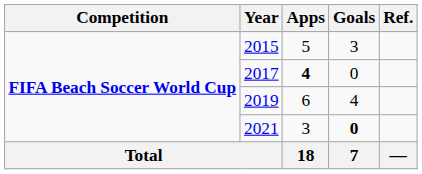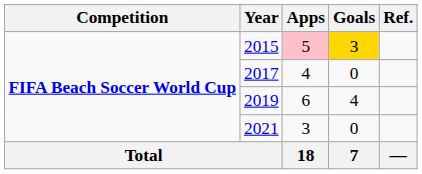 <table class="wikitable" style="text-align:center;">
 <tr>
 <th>Competition</th>
 <th>Year</th>
 <th>Apps</th>
 <th>Goals</th>
 <th>Ref.</th>
 </tr>
 <tr>
 <td rowspan="4"><strong><a href='#'>FIFA Beach Soccer World Cup</a></strong></td>
 <td> <a href='#'>2015</a></td>
-<td>5</td>
-<td>3</td>
+<td style="background: pink;">5</td>
+<td style="background: gold;">3</td>
 <td></td>
 </tr>
 <tr>
 <td> <a href='#'>2017</a></td>
-<td><strong>4</strong></td>
+<td>4</td>
 <td>0</td>
 <td></td>
 </tr>
 <tr>
 <td> <a href='#'>2019</a></td>
 <td>6</td>
 <td>4</td>
 <td></td>
 </tr>
 <tr>
 <td> <a href='#'>2021</a></td>
 <td>3</td>
-<td><strong>0</strong></td>
+<td>0</td>
 <td></td>
 </tr>
 <tr>
 <th colspan=2>Total</th>
 <th>18</th>
 <th>7</th>
 <th>—</th>
 </tr>
 </table>
